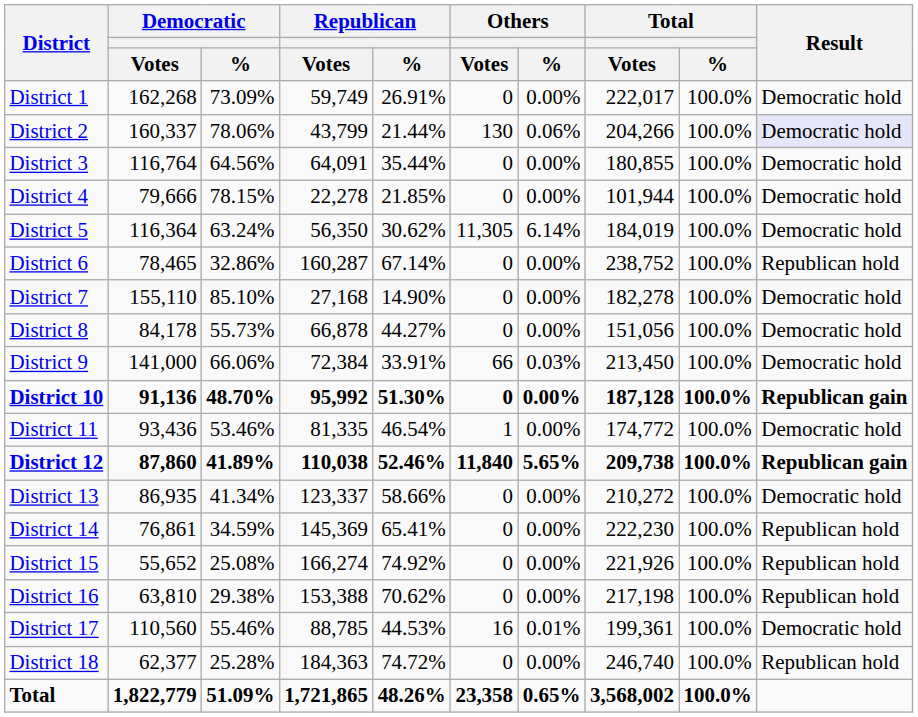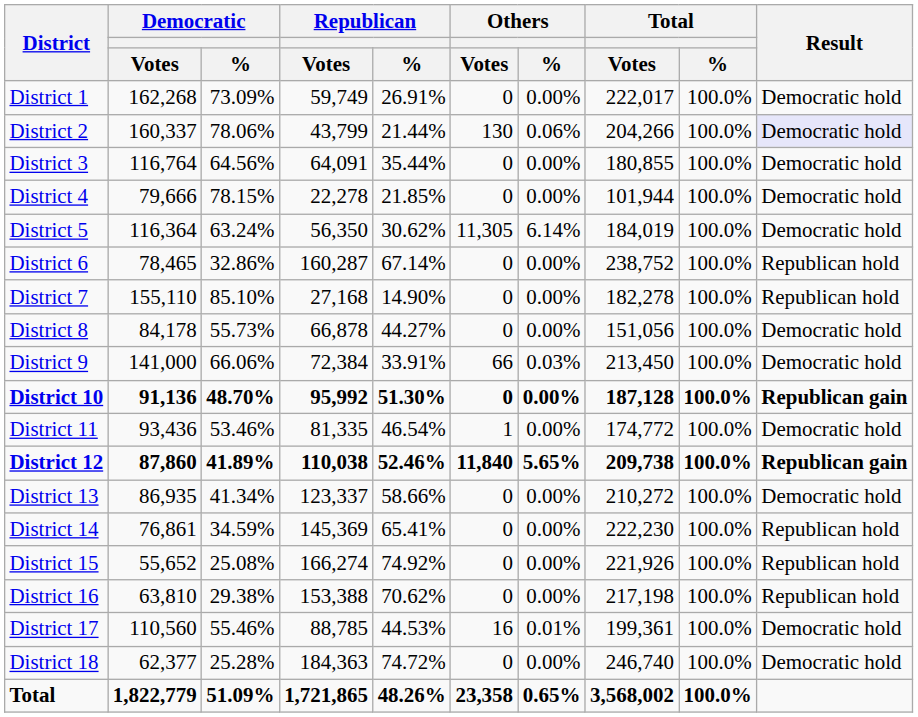 <table class="wikitable plainrowheaders sortable" style="font-size:100%; text-align:right;">
 <tr>
 <th scope=col rowspan=3><a href='#'>District</a></th>
 <th scope=col colspan=2><a href='#'>Democratic</a></th>
 <th scope=col colspan=2><a href='#'>Republican</a></th>
 <th scope=col colspan=2>Others</th>
 <th scope=col colspan=2>Total</th>
 <th scope=col rowspan=3>Result</th>
 </tr>
 <tr>
 <th scope=col colspan=2 style="background:"></th>
 <th scope=col colspan=2 style="background:"></th>
 <th scope=col colspan=2></th>
 <th scope=col colspan=2></th>
 </tr>
 <tr>
 <th scope=col data-sort-type="number">Votes</th>
 <th scope=col data-sort-type="number">%</th>
 <th scope=col data-sort-type="number">Votes</th>
 <th scope=col data-sort-type="number">%</th>
 <th scope=col data-sort-type="number">Votes</th>
 <th scope=col data-sort-type="number">%</th>
 <th scope=col data-sort-type="number">Votes</th>
 <th scope=col data-sort-type="number">%</th>
 </tr>
 <tr>
 <td align=left><a href='#'>District 1</a></td>
 <td>162,268</td>
 <td>73.09%</td>
 <td>59,749</td>
 <td>26.91%</td>
 <td>0</td>
 <td>0.00%</td>
 <td>222,017</td>
 <td>100.0%</td>
 <td align=left>Democratic hold</td>
 </tr>
 <tr>
 <td align=left><a href='#'>District 2</a></td>
 <td>160,337</td>
 <td>78.06%</td>
 <td>43,799</td>
 <td>21.44%</td>
 <td>130</td>
 <td>0.06%</td>
 <td>204,266</td>
 <td>100.0%</td>
 <td align=left style="background: lavender;">Democratic hold</td>
 </tr>
 <tr>
 <td align=left><a href='#'>District 3</a></td>
 <td>116,764</td>
 <td>64.56%</td>
 <td>64,091</td>
 <td>35.44%</td>
 <td>0</td>
 <td>0.00%</td>
 <td>180,855</td>
 <td>100.0%</td>
 <td align=left>Democratic hold</td>
 </tr>
 <tr>
 <td align=left><a href='#'>District 4</a></td>
 <td>79,666</td>
 <td>78.15%</td>
 <td>22,278</td>
 <td>21.85%</td>
 <td>0</td>
 <td>0.00%</td>
 <td>101,944</td>
 <td>100.0%</td>
 <td align=left>Democratic hold</td>
 </tr>
 <tr>
 <td align=left><a href='#'>District 5</a></td>
 <td>116,364</td>
 <td>63.24%</td>
 <td>56,350</td>
 <td>30.62%</td>
 <td>11,305</td>
 <td>6.14%</td>
 <td>184,019</td>
 <td>100.0%</td>
 <td align=left>Democratic hold</td>
 </tr>
 <tr>
 <td align=left><a href='#'>District 6</a></td>
 <td>78,465</td>
 <td>32.86%</td>
 <td>160,287</td>
 <td>67.14%</td>
 <td>0</td>
 <td>0.00%</td>
 <td>238,752</td>
 <td>100.0%</td>
 <td align=left>Republican hold</td>
 </tr>
 <tr>
 <td align=left><a href='#'>District 7</a></td>
 <td>155,110</td>
 <td>85.10%</td>
 <td>27,168</td>
 <td>14.90%</td>
 <td>0</td>
 <td>0.00%</td>
 <td>182,278</td>
 <td>100.0%</td>
-<td align=left>Democratic hold</td>
+<td align=left>Republican hold</td>
 </tr>
 <tr>
 <td align=left><a href='#'>District 8</a></td>
 <td>84,178</td>
 <td>55.73%</td>
 <td>66,878</td>
 <td>44.27%</td>
 <td>0</td>
 <td>0.00%</td>
 <td>151,056</td>
 <td>100.0%</td>
 <td align=left>Democratic hold</td>
 </tr>
 <tr>
 <td align=left><a href='#'>District 9</a></td>
 <td>141,000</td>
 <td>66.06%</td>
 <td>72,384</td>
 <td>33.91%</td>
 <td>66</td>
 <td>0.03%</td>
 <td>213,450</td>
 <td>100.0%</td>
 <td align=left>Democratic hold</td>
 </tr>
 <tr>
 <td align=left><strong><a href='#'>District 10</a></strong></td>
 <td><strong>91,136</strong></td>
 <td><strong>48.70%</strong></td>
 <td><strong>95,992</strong></td>
 <td><strong>51.30%</strong></td>
 <td><strong>0</strong></td>
 <td><strong>0.00%</strong></td>
 <td><strong>187,128</strong></td>
 <td><strong>100.0%</strong></td>
 <td align=left><strong>Republican gain</strong></td>
 </tr>
 <tr>
 <td align=left><a href='#'>District 11</a></td>
 <td>93,436</td>
 <td>53.46%</td>
 <td>81,335</td>
 <td>46.54%</td>
 <td>1</td>
 <td>0.00%</td>
 <td>174,772</td>
 <td>100.0%</td>
 <td align=left>Democratic hold</td>
 </tr>
 <tr>
 <td align=left><strong><a href='#'>District 12</a></strong></td>
 <td><strong>87,860</strong></td>
 <td><strong>41.89%</strong></td>
 <td><strong>110,038</strong></td>
 <td><strong>52.46%</strong></td>
 <td><strong>11,840</strong></td>
 <td><strong>5.65%</strong></td>
 <td><strong>209,738</strong></td>
 <td><strong>100.0%</strong></td>
 <td align=left><strong>Republican gain</strong></td>
 </tr>
 <tr>
 <td align=left><a href='#'>District 13</a></td>
 <td>86,935</td>
 <td>41.34%</td>
 <td>123,337</td>
 <td>58.66%</td>
 <td>0</td>
 <td>0.00%</td>
 <td>210,272</td>
 <td>100.0%</td>
 <td align=left>Democratic hold</td>
 </tr>
 <tr>
 <td align=left><a href='#'>District 14</a></td>
 <td>76,861</td>
 <td>34.59%</td>
 <td>145,369</td>
 <td>65.41%</td>
 <td>0</td>
 <td>0.00%</td>
 <td>222,230</td>
 <td>100.0%</td>
 <td align=left>Republican hold</td>
 </tr>
 <tr>
 <td align=left><a href='#'>District 15</a></td>
 <td>55,652</td>
 <td>25.08%</td>
 <td>166,274</td>
 <td>74.92%</td>
 <td>0</td>
 <td>0.00%</td>
 <td>221,926</td>
 <td>100.0%</td>
 <td align=left>Republican hold</td>
 </tr>
 <tr>
 <td align=left><a href='#'>District 16</a></td>
 <td>63,810</td>
 <td>29.38%</td>
 <td>153,388</td>
 <td>70.62%</td>
 <td>0</td>
 <td>0.00%</td>
 <td>217,198</td>
 <td>100.0%</td>
 <td align=left>Republican hold</td>
 </tr>
 <tr>
 <td align=left><a href='#'>District 17</a></td>
 <td>110,560</td>
 <td>55.46%</td>
 <td>88,785</td>
 <td>44.53%</td>
 <td>16</td>
 <td>0.01%</td>
 <td>199,361</td>
 <td>100.0%</td>
 <td align=left>Democratic hold</td>
 </tr>
 <tr>
 <td align=left><a href='#'>District 18</a></td>
 <td>62,377</td>
 <td>25.28%</td>
 <td>184,363</td>
 <td>74.72%</td>
 <td>0</td>
 <td>0.00%</td>
 <td>246,740</td>
 <td>100.0%</td>
-<td align=left>Republican hold</td>
+<td align=left>Democratic hold</td>
 </tr>
 <tr class="sortbottom" style="font-weight:bold">
 <td align=left>Total</td>
 <td>1,822,779</td>
 <td>51.09%</td>
 <td>1,721,865</td>
 <td>48.26%</td>
 <td>23,358</td>
 <td>0.65%</td>
 <td>3,568,002</td>
 <td>100.0%</td>
 <td></td>
 </tr>
 </table>
